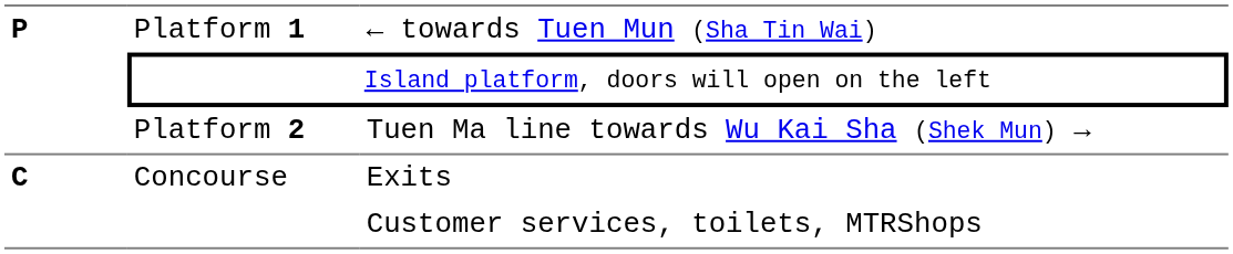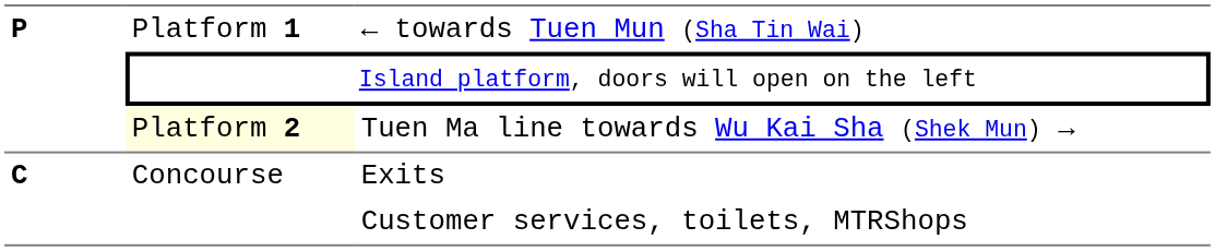 <table border=0 cellspacing=0 cellpadding=3>
 <tr>
 <td style="border-top:solid 1px gray;border-bottom:solid 1px gray;width:50px;vertical-align:top;" rowspan=3><strong>P</strong></td>
 <td style="border-top:solid 1px gray;width:100px;">Platform <span><strong>1</strong></span></td>
 <td style="border-top:solid 1px gray;width:390px;">←  towards <a href='#'>Tuen Mun</a> <small>(<a href='#'>Sha Tin Wai</a>)</small></td>
 </tr>
 <tr>
 <td style="border-top:solid 2px black;border-right:solid 2px black;border-left:solid 2px black;border-bottom:solid 2px black;text-align:center;" colspan=2><small><a href='#'>Island platform</a>, doors will open on the left</small></td>
 </tr>
 <tr>
-<td style="border-bottom:solid 1px gray;">Platform <span><strong>2</strong></span></td>
+<td style="background: lightyellow; border-bottom:solid 1px gray;">Platform <span><strong>2</strong></span></td>
 <td style="border-bottom:solid 1px gray;">  Tuen Ma line towards <a href='#'>Wu Kai Sha</a> <small>(<a href='#'>Shek Mun</a>)</small> →</td>
 </tr>
 <tr>
 <td style="border-bottom:solid 1px gray;vertical-align:top;" rowspan=2><strong>C</strong></td>
 <td style="border-bottom:solid 1px gray;vertical-align:top;" rowspan=2>Concourse</td>
 <td>Exits</td>
 </tr>
 <tr>
 <td style="border-bottom:solid 1px gray;">Customer services, toilets, MTRShops</td>
 </tr>
 </table>
